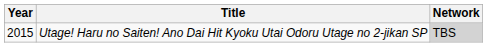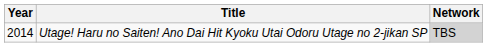 <table class="wikitable">
 <tr>
 <th>Year</th>
 <th>Title</th>
 <th>Network</th>
 </tr>
 <tr>
-<td>2015</td>
+<td>2014</td>
 <td><em>Utage! Haru no Saiten! Ano Dai Hit Kyoku Utai Odoru Utage no 2-jikan SP</em></td>
 <td style="background: lightgrey;">TBS</td>
 </tr>
 </table>
